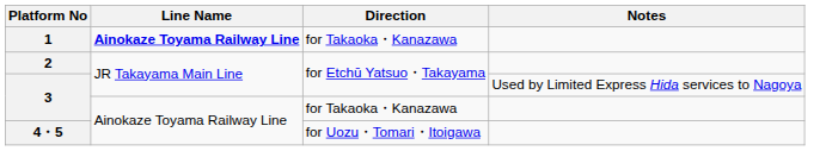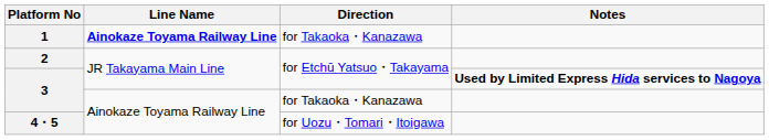 <table class="wikitable">
 <tr>
 <th nowrap="nowrap">Platform No </th>
 <th>Line Name</th>
 <th>Direction</th>
 <th>Notes</th>
 </tr>
 <tr>
 <th>1</th>
 <td><strong><a href='#'>Ainokaze Toyama Railway Line</a></strong></td>
 <td>for <a href='#'>Takaoka</a>・<a href='#'>Kanazawa</a></td>
 <td></td>
 </tr>
 <tr>
 <th>2</th>
 <td rowspan="2">JR <a href='#'>Takayama Main Line</a></td>
 <td rowspan="2">for <a href='#'>Etchū Yatsuo</a>・<a href='#'>Takayama</a></td>
 <td></td>
 </tr>
 <tr>
 <th rowspan="2">3</th>
-<td>Used by Limited Express <a href='#'><em>Hida</em></a> services to <a href='#'>Nagoya</a></td>
+<td><strong>Used by Limited Express <a href='#'><em>Hida</em></a> services to <a href='#'>Nagoya</a></strong></td>
 </tr>
 <tr>
 <td rowspan="2">Ainokaze Toyama Railway Line</td>
 <td>for Takaoka・Kanazawa</td>
 <td></td>
 </tr>
 <tr>
 <th>4・5</th>
 <td>for <a href='#'>Uozu</a>・<a href='#'>Tomari</a>・<a href='#'>Itoigawa</a></td>
 <td></td>
 </tr>
 </table>
